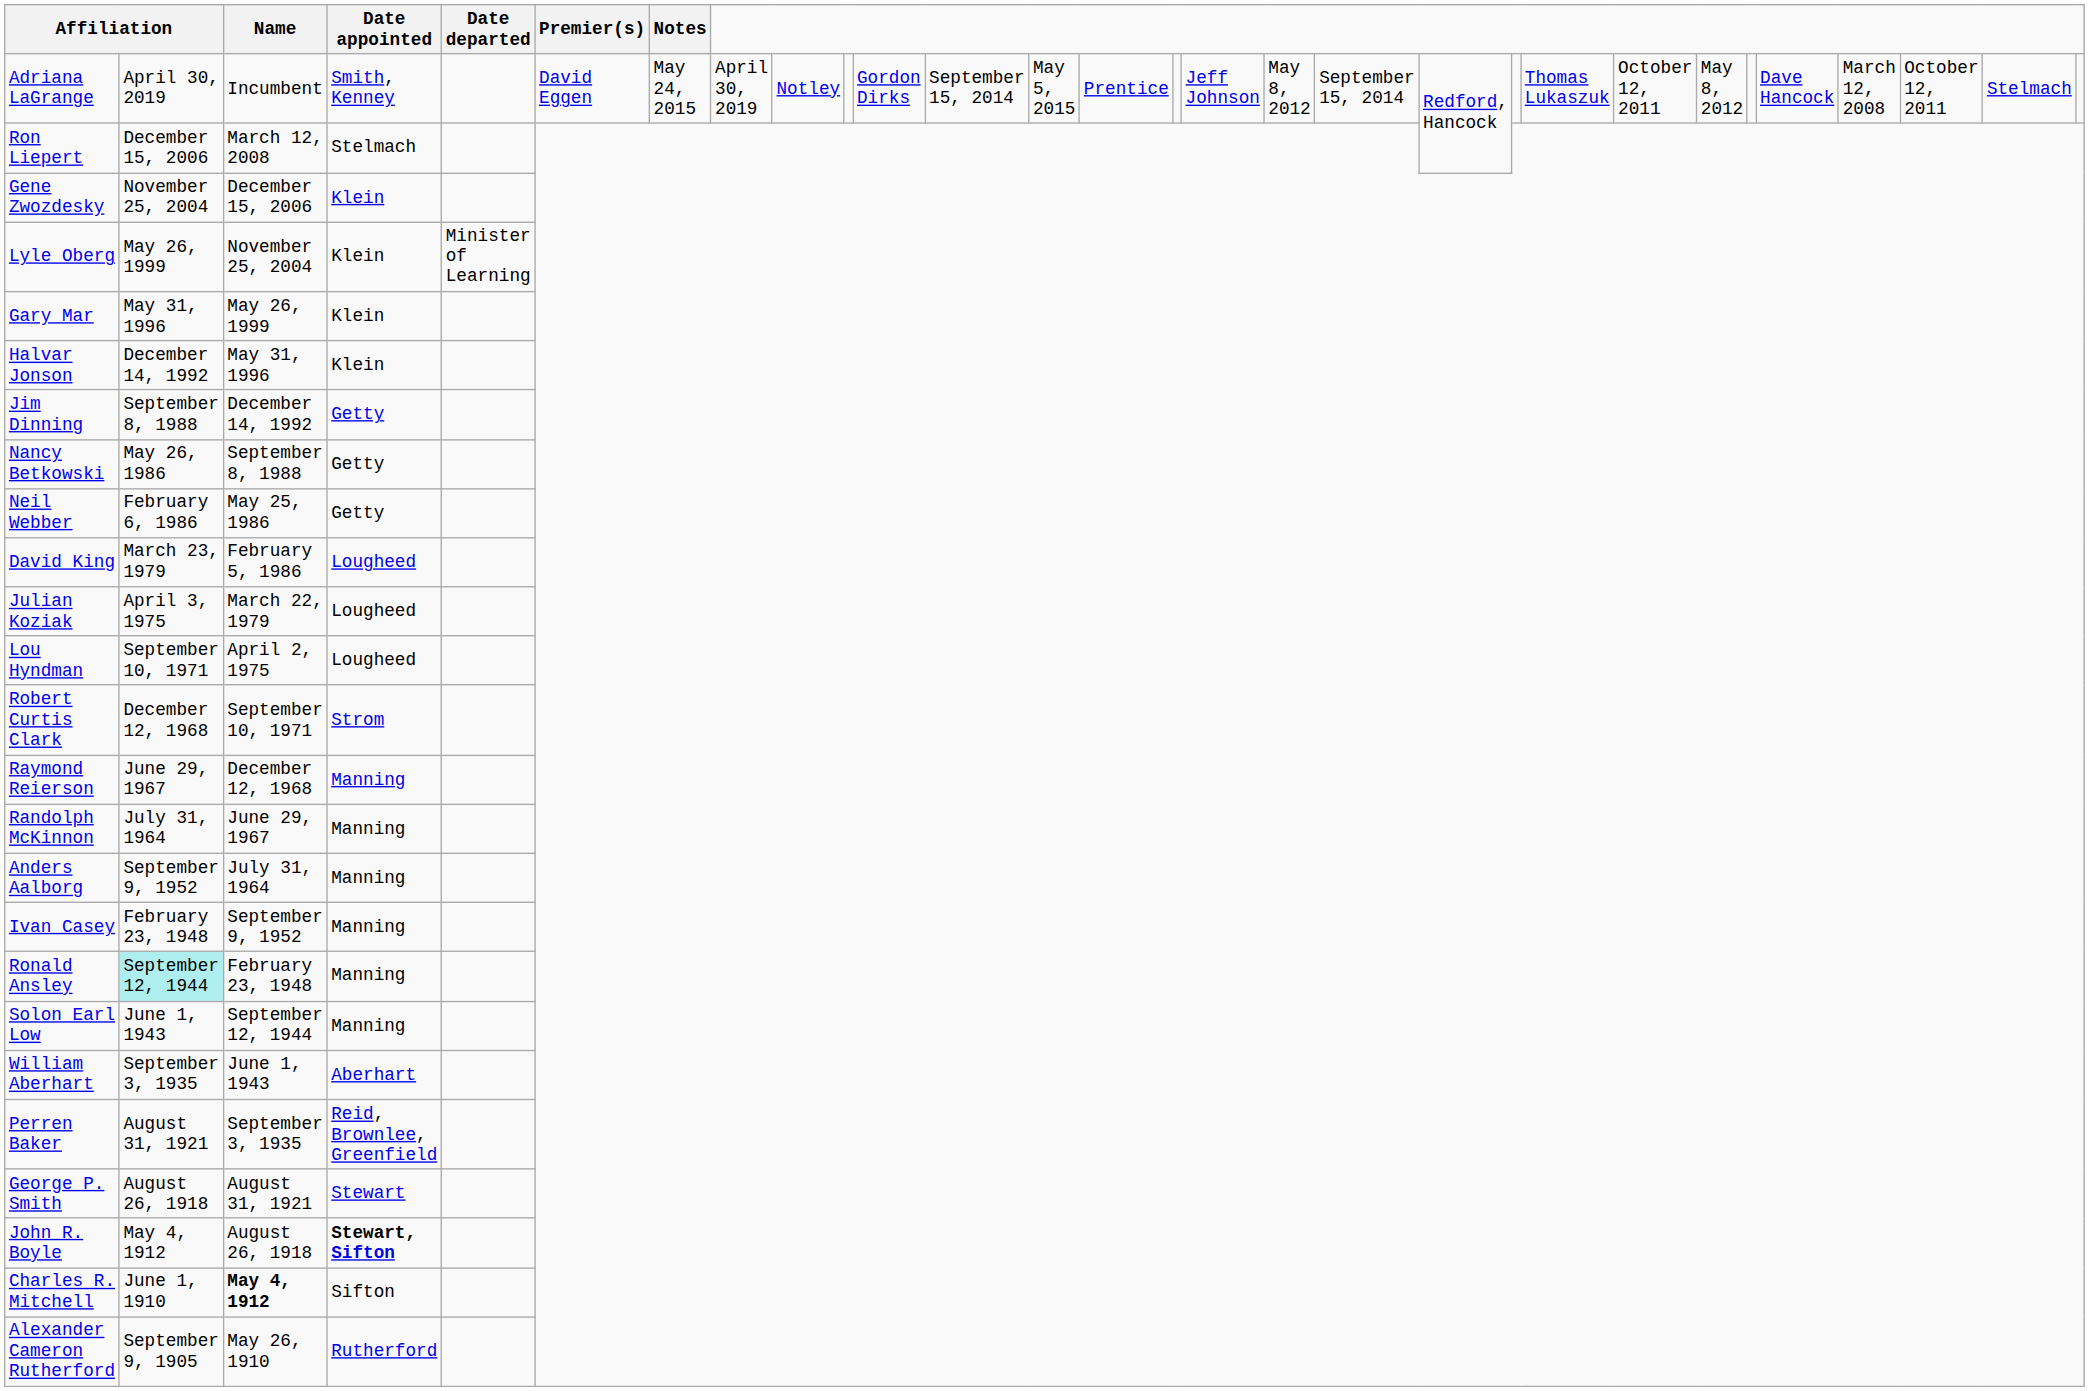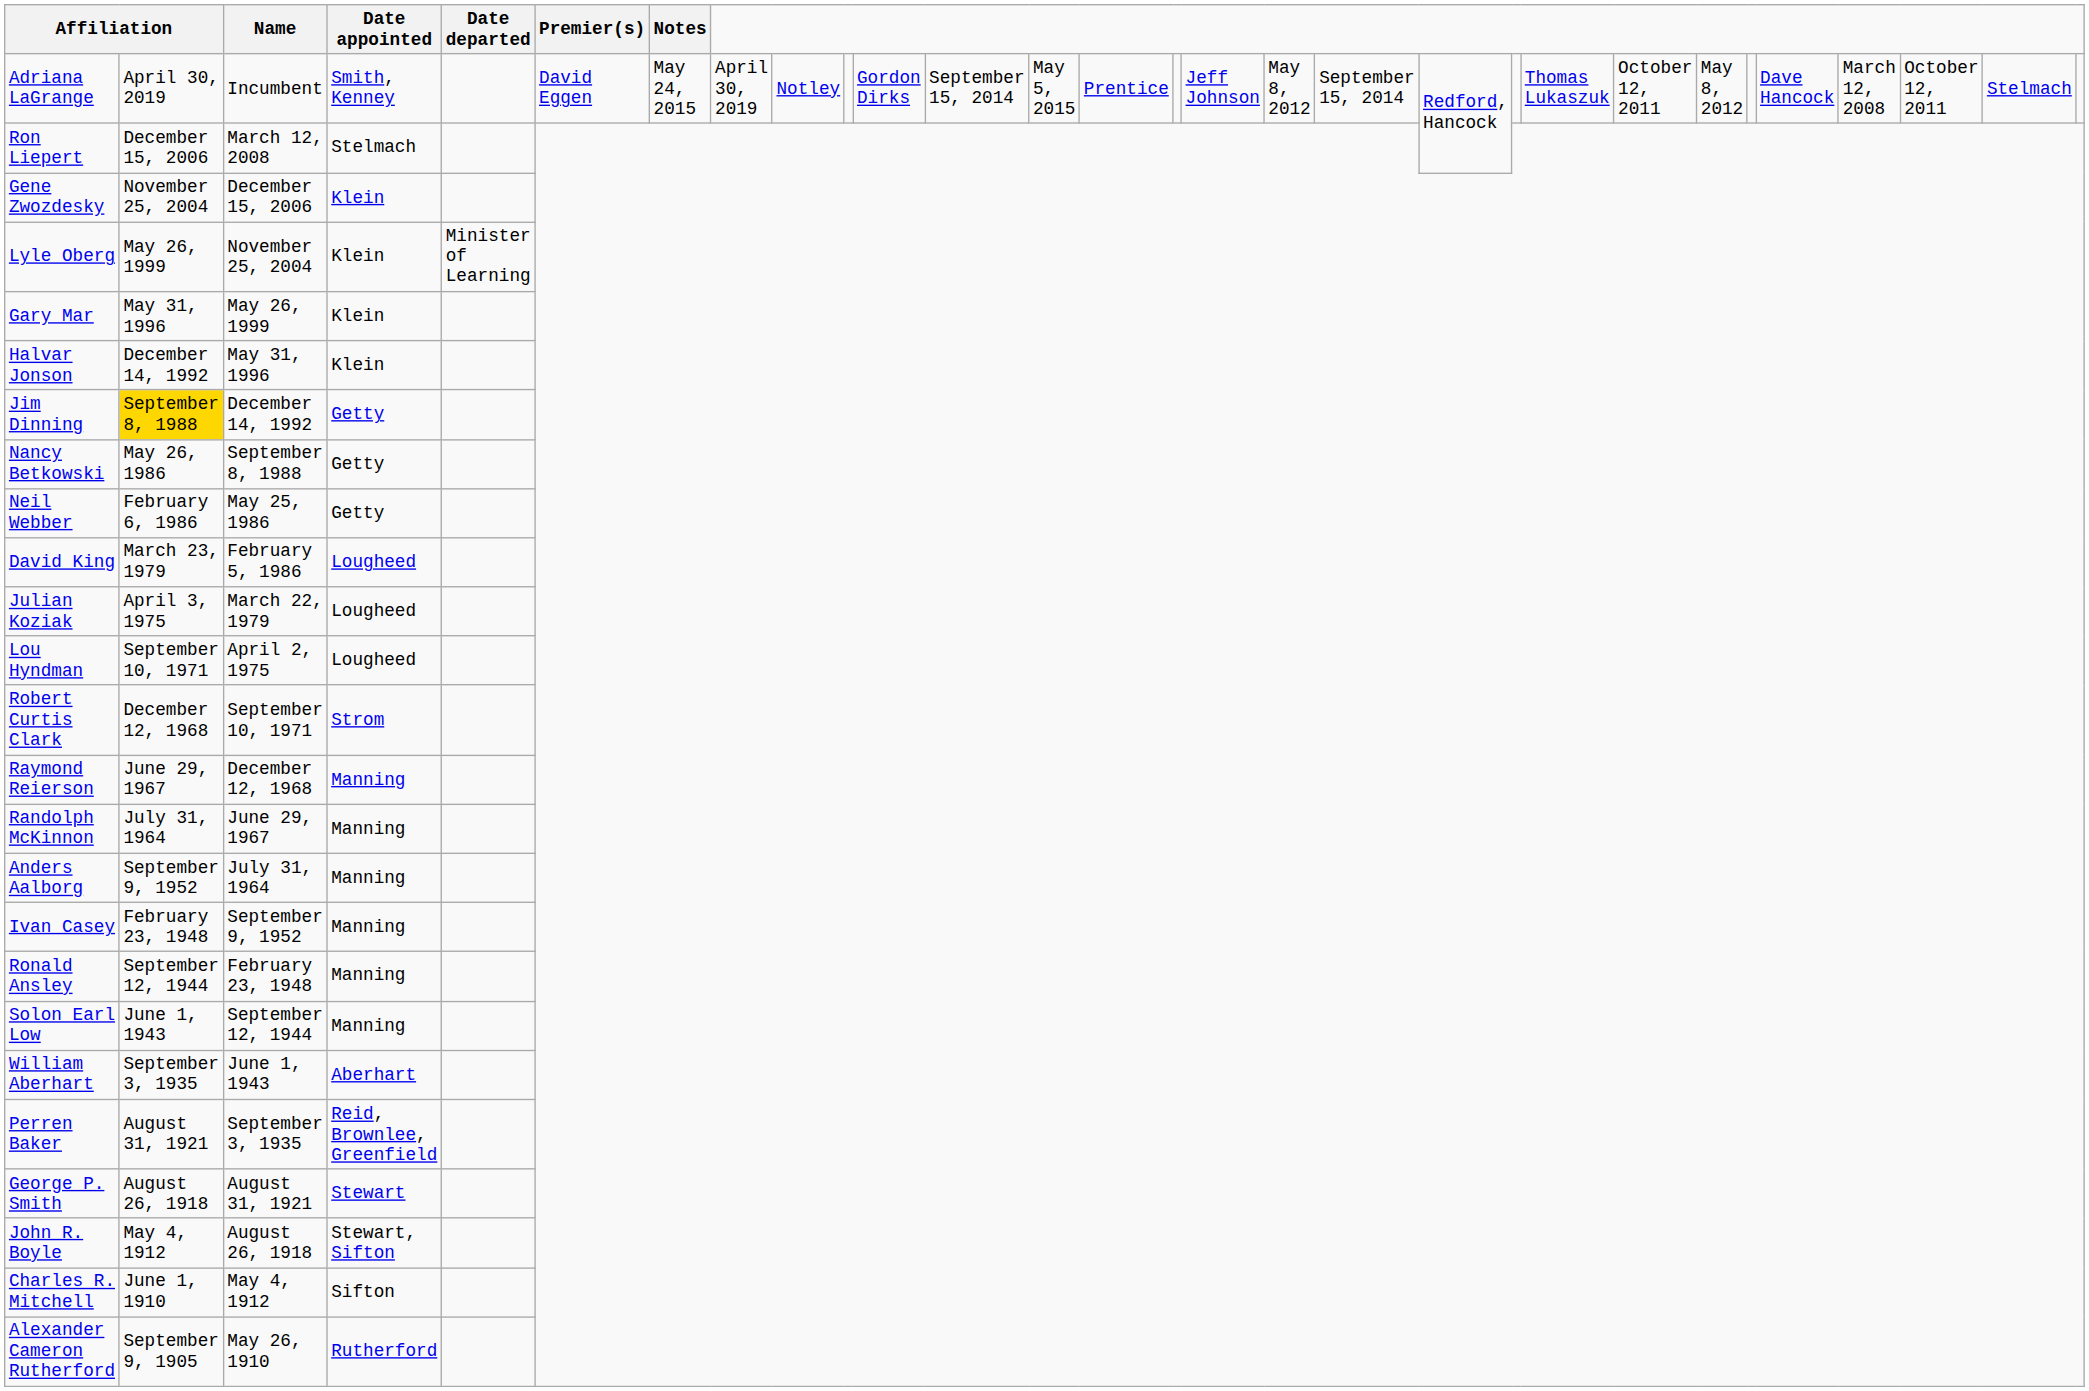 <table class="wikitable">
 <tr>
 <th colspan="2">Affiliation</th>
 <th>Name</th>
 <th>Date appointed</th>
 <th>Date departed</th>
 <th>Premier(s)</th>
 <th>Notes</th>
 </tr>
 <tr>
 <td><a href='#'>Adriana LaGrange</a></td>
 <td>April 30, 2019</td>
 <td>Incumbent</td>
 <td><a href='#'>Smith</a>, <a href='#'>Kenney</a></td>
 <td><br></td>
 <td><a href='#'>David Eggen</a></td>
 <td>May 24, 2015</td>
 <td>April 30, 2019</td>
 <td><a href='#'>Notley</a></td>
 <td><br></td>
 <td><a href='#'>Gordon Dirks</a></td>
 <td>September 15, 2014</td>
 <td>May 5, 2015</td>
 <td><a href='#'>Prentice</a></td>
 <td><br></td>
 <td><a href='#'>Jeff Johnson</a></td>
 <td>May 8, 2012</td>
 <td>September 15, 2014</td>
 <td rowspan=2><a href='#'>Redford</a>, Hancock</td>
 <td><br></td>
 <td><a href='#'>Thomas Lukaszuk</a></td>
 <td>October 12, 2011</td>
 <td>May 8, 2012</td>
 <td><br></td>
 <td><a href='#'>Dave Hancock</a></td>
 <td>March 12, 2008</td>
 <td>October 12, 2011</td>
 <td><a href='#'>Stelmach</a></td>
 <td></td>
 </tr>
 <tr>
 <td><a href='#'>Ron Liepert</a></td>
 <td>December 15, 2006</td>
 <td>March 12, 2008</td>
 <td>Stelmach</td>
 <td></td>
 </tr>
 <tr>
 <td><a href='#'>Gene Zwozdesky</a></td>
 <td>November 25, 2004</td>
 <td>December 15, 2006</td>
 <td><a href='#'>Klein</a></td>
 <td></td>
 </tr>
 <tr>
 <td><a href='#'>Lyle Oberg</a></td>
 <td>May 26, 1999</td>
 <td>November 25, 2004</td>
 <td>Klein</td>
 <td>Minister of Learning</td>
 </tr>
 <tr>
 <td><a href='#'>Gary Mar</a></td>
 <td>May 31, 1996</td>
 <td>May 26, 1999</td>
 <td>Klein</td>
 <td></td>
 </tr>
 <tr>
 <td><a href='#'>Halvar Jonson</a></td>
 <td>December 14, 1992</td>
 <td>May 31, 1996</td>
 <td>Klein</td>
 <td></td>
 </tr>
 <tr>
 <td><a href='#'>Jim Dinning</a></td>
-<td>September 8, 1988</td>
+<td style="background: gold;">September 8, 1988</td>
 <td>December 14, 1992</td>
 <td><a href='#'>Getty</a></td>
 <td></td>
 </tr>
 <tr>
 <td><a href='#'>Nancy Betkowski</a></td>
 <td>May 26, 1986</td>
 <td>September 8, 1988</td>
 <td>Getty</td>
 <td></td>
 </tr>
 <tr>
 <td><a href='#'>Neil Webber</a></td>
 <td>February 6, 1986</td>
 <td>May 25, 1986</td>
 <td>Getty</td>
 <td></td>
 </tr>
 <tr>
 <td><a href='#'>David King</a></td>
 <td>March 23, 1979</td>
 <td>February 5, 1986</td>
 <td><a href='#'>Lougheed</a></td>
 <td></td>
 </tr>
 <tr>
 <td><a href='#'>Julian Koziak</a></td>
 <td>April 3, 1975</td>
 <td>March 22, 1979</td>
 <td>Lougheed</td>
 <td></td>
 </tr>
 <tr>
 <td><a href='#'>Lou Hyndman</a></td>
 <td>September 10, 1971</td>
 <td>April 2, 1975</td>
 <td>Lougheed</td>
 <td></td>
 </tr>
 <tr>
 <td><a href='#'>Robert Curtis Clark</a></td>
 <td>December 12, 1968</td>
 <td>September 10, 1971</td>
 <td><a href='#'>Strom</a></td>
 <td></td>
 </tr>
 <tr>
 <td><a href='#'>Raymond Reierson</a></td>
 <td>June 29, 1967</td>
 <td>December 12, 1968</td>
 <td><a href='#'>Manning</a></td>
 <td></td>
 </tr>
 <tr>
 <td><a href='#'>Randolph McKinnon</a></td>
 <td>July 31, 1964</td>
 <td>June 29, 1967</td>
 <td>Manning</td>
 <td></td>
 </tr>
 <tr>
 <td><a href='#'>Anders Aalborg</a></td>
 <td>September 9, 1952</td>
 <td>July 31, 1964</td>
 <td>Manning</td>
 <td></td>
 </tr>
 <tr>
 <td><a href='#'>Ivan Casey</a></td>
 <td>February 23, 1948</td>
 <td>September 9, 1952</td>
 <td>Manning</td>
 <td></td>
 </tr>
 <tr>
 <td><a href='#'>Ronald Ansley</a></td>
-<td style="background: paleturquoise;">September 12, 1944</td>
+<td>September 12, 1944</td>
 <td>February 23, 1948</td>
 <td>Manning</td>
 <td></td>
 </tr>
 <tr>
 <td><a href='#'>Solon Earl Low</a></td>
 <td>June 1, 1943</td>
 <td>September 12, 1944</td>
 <td>Manning</td>
 <td></td>
 </tr>
 <tr>
 <td><a href='#'>William Aberhart</a></td>
 <td>September 3, 1935</td>
 <td>June 1, 1943</td>
 <td><a href='#'>Aberhart</a></td>
 <td></td>
 </tr>
 <tr>
 <td><a href='#'>Perren Baker</a></td>
 <td>August 31, 1921</td>
 <td>September 3, 1935</td>
 <td><a href='#'>Reid</a>, <a href='#'>Brownlee</a>, <a href='#'>Greenfield</a></td>
 <td></td>
 </tr>
 <tr>
 <td><a href='#'>George P. Smith</a></td>
 <td>August 26, 1918</td>
 <td>August 31, 1921</td>
 <td><a href='#'>Stewart</a></td>
 <td></td>
 </tr>
 <tr>
 <td><a href='#'>John R. Boyle</a></td>
 <td>May 4, 1912</td>
 <td>August 26, 1918</td>
-<td><strong>Stewart, <a href='#'>Sifton</a></strong></td>
+<td>Stewart, <a href='#'>Sifton</a></td>
 <td></td>
 </tr>
 <tr>
 <td><a href='#'>Charles R. Mitchell</a></td>
 <td>June 1, 1910</td>
-<td><strong>May 4, 1912</strong></td>
+<td>May 4, 1912</td>
 <td>Sifton</td>
 <td></td>
 </tr>
 <tr>
 <td><a href='#'>Alexander Cameron Rutherford</a></td>
 <td>September 9, 1905</td>
 <td>May 26, 1910</td>
 <td><a href='#'>Rutherford</a></td>
 <td></td>
 </tr>
 </table>
